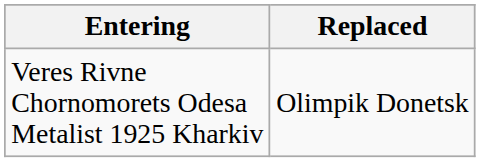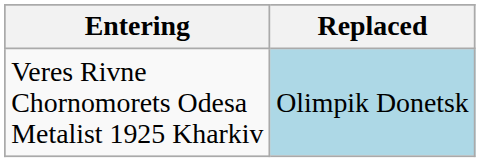 <table class="wikitable">
 <tr>
 <th>Entering</th>
 <th>Replaced</th>
 </tr>
 <tr>
 <td>Veres Rivne<br>Chornomorets Odesa<br>Metalist 1925 Kharkiv</td>
-<td>Olimpik Donetsk</td>
+<td style="background: lightblue;">Olimpik Donetsk</td>
 </tr>
 </table>
